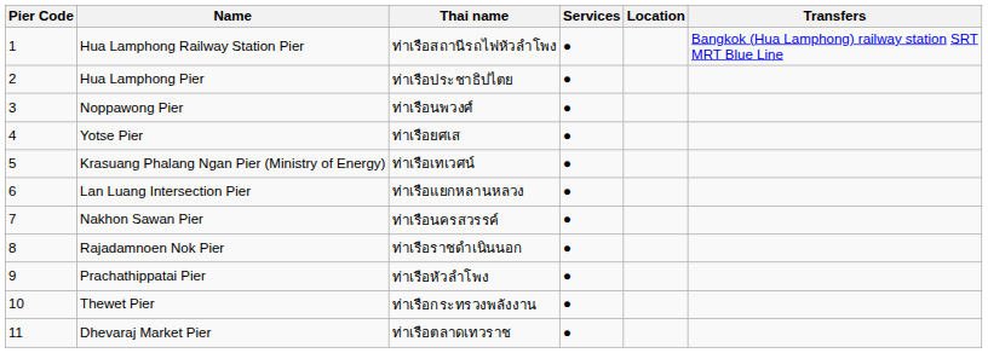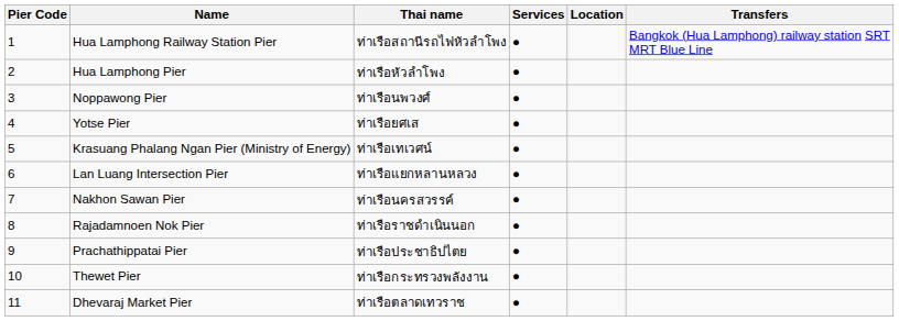 <table class="wikitable">
 <tr>
 <th>Pier Code</th>
 <th>Name</th>
 <th>Thai name</th>
 <th>Services</th>
 <th>Location</th>
 <th>Transfers</th>
 </tr>
 <tr>
 <td>1</td>
 <td>Hua Lamphong Railway Station Pier</td>
 <td>ท่าเรือ​สถานีรถไฟหัวลำโพง</td>
 <td>●</td>
 <td></td>
 <td><a href='#'>Bangkok (Hua Lamphong) railway station</a>  <a href='#'>SRT</a><br> <a href='#'>MRT Blue Line</a></td>
 </tr>
 <tr>
 <td>2</td>
 <td>Hua Lamphong Pier</td>
-<td>ท่าเรือประชาธิปไตย</td>
+<td>ท่าเรือหัวลำโพง</td>
 <td>●</td>
 <td></td>
 <td></td>
 </tr>
 <tr>
 <td>3</td>
 <td>Noppawong Pier</td>
 <td>ท่าเรือนพวงศ์</td>
 <td>●</td>
 <td></td>
 <td></td>
 </tr>
 <tr>
 <td>4</td>
 <td>Yotse Pier</td>
 <td>ท่าเรือยศเส</td>
 <td>●</td>
 <td></td>
 <td></td>
 </tr>
 <tr>
 <td>5</td>
 <td>Krasuang Phalang Ngan Pier (Ministry of Energy)</td>
 <td>ท่าเรือเทเวศน์</td>
 <td>●</td>
 <td></td>
 <td></td>
 </tr>
 <tr>
 <td>6</td>
 <td>Lan Luang Intersection Pier</td>
 <td>ท่าเรือแยกหลานหลวง</td>
 <td>●</td>
 <td></td>
 <td></td>
 </tr>
 <tr>
 <td>7</td>
 <td>Nakhon Sawan Pier</td>
 <td>ท่าเรือนครสวรรค์</td>
 <td>●</td>
 <td></td>
 <td></td>
 </tr>
 <tr>
 <td>8</td>
 <td>Rajadamnoen Nok Pier</td>
 <td>ท่าเรือราชดำเนินนอก</td>
 <td>●</td>
 <td></td>
 <td></td>
 </tr>
 <tr>
 <td>9</td>
 <td>Prachathippatai Pier</td>
-<td>ท่าเรือหัวลำโพง</td>
+<td>ท่าเรือประชาธิปไตย</td>
 <td>●</td>
 <td></td>
 <td></td>
 </tr>
 <tr>
 <td>10</td>
 <td>Thewet Pier</td>
 <td>ท่าเรือกระทรวงพลังงาน</td>
 <td>●</td>
 <td></td>
 <td></td>
 </tr>
 <tr>
 <td>11</td>
 <td>Dhevaraj Market Pier</td>
 <td>ท่าเรือตลาดเทวราช</td>
 <td>●</td>
 <td></td>
 <td> </td>
 </tr>
 </table>
